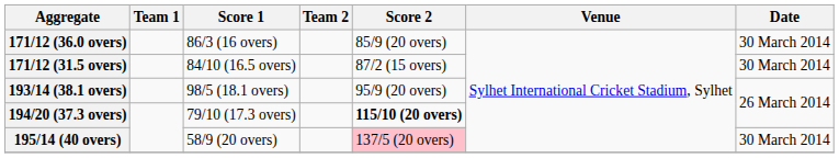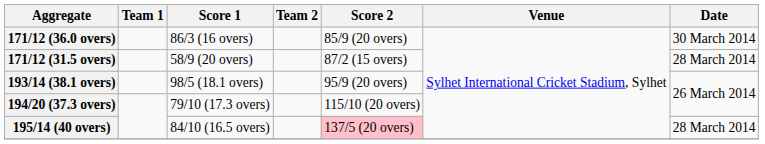 <table class="wikitable sortable" style="text-align:left;font-size:90%;">
 <tr>
 <th scope=col>Aggregate</th>
 <th scope=col>Team 1</th>
 <th scope=col>Score 1</th>
 <th scope=col>Team 2</th>
 <th scope=col>Score 2</th>
 <th scope=col>Venue</th>
 <th scope=col data-sort-type=date>Date</th>
 </tr>
 <tr>
 <th scope=row>171/12 (36.0 overs)</th>
 <td></td>
 <td>86/3 (16 overs)</td>
 <td></td>
 <td>85/9 (20 overs)</td>
 <td rowspan=5><a href='#'>Sylhet International Cricket Stadium</a>, Sylhet</td>
 <td>30 March 2014</td>
 </tr>
 <tr>
 <th scope=row>171/12 (31.5 overs)</th>
 <td></td>
-<td>84/10 (16.5 overs)</td>
+<td>58/9 (20 overs)</td>
 <td></td>
 <td>87/2 (15 overs)</td>
-<td>30 March 2014</td>
+<td>28 March 2014</td>
 </tr>
 <tr>
 <th scope=row>193/14 (38.1 overs)</th>
 <td></td>
 <td>98/5 (18.1 overs)</td>
 <td></td>
 <td>95/9 (20 overs)</td>
 <td rowspan=2>26 March 2014</td>
 </tr>
 <tr>
 <th scope=row>194/20 (37.3 overs)</th>
 <td rowspan=2></td>
 <td>79/10 (17.3 overs)</td>
 <td></td>
-<td><strong>115/10 (20 overs)</strong></td>
+<td>115/10 (20 overs)</td>
 </tr>
 <tr>
 <th scope=row>195/14 (40 overs)</th>
-<td>58/9 (20 overs)</td>
+<td>84/10 (16.5 overs)</td>
 <td></td>
 <td style="background: pink;">137/5 (20 overs)</td>
-<td>30 March 2014</td>
+<td>28 March 2014</td>
 </tr>
 <tr>
 </tr>
 </table>
